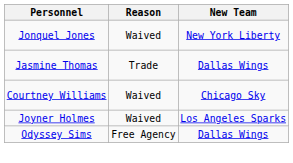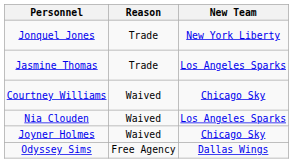 <table class="wikitable" style="text-align: center">
 <tr align="center"  bgcolor="#dddddd">
 <th><strong>Personnel</strong></th>
 <th><strong>Reason</strong></th>
 <th><strong>New Team</strong></th>
 </tr>
 <tr style="height:40px">
 <td><a href='#'>Jonquel Jones</a></td>
-<td>Waived</td>
+<td>Trade</td>
 <td><a href='#'>New York Liberty</a></td>
 </tr>
 <tr style="height:40px">
 <td><a href='#'>Jasmine Thomas</a></td>
 <td>Trade</td>
-<td><a href='#'>Dallas Wings</a></td>
+<td><a href='#'>Los Angeles Sparks</a></td>
 </tr>
 <tr style="height:40px">
 <td><a href='#'>Courtney Williams</a></td>
 <td>Waived</td>
 <td><a href='#'>Chicago Sky</a></td>
 </tr>
 <tr>
+<td><a href='#'>Nia Clouden</a></td>
+<td>Waived</td>
+<td><a href='#'>Los Angeles Sparks</a></td>
+</tr>
+<tr>
 <td><a href='#'>Joyner Holmes</a></td>
 <td>Waived</td>
-<td><a href='#'>Los Angeles Sparks</a></td>
+<td><a href='#'>Chicago Sky</a></td>
 </tr>
 <tr>
 <td><a href='#'>Odyssey Sims</a></td>
 <td>Free Agency</td>
 <td><a href='#'>Dallas Wings</a></td>
 </tr>
 </table>
